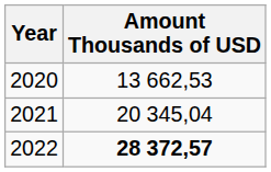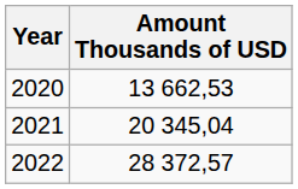 <table class="wikitable" style="text-align:center;">
 <tr>
 <th>Year</th>
 <th>Amount<br>Thousands of USD</th>
 </tr>
 <tr>
 <td>2020</td>
 <td>13 662,53</td>
 </tr>
 <tr>
 <td>2021</td>
 <td>20 345,04 </td>
 </tr>
 <tr>
 <td>2022</td>
-<td><strong>28 372,57 </strong></td>
+<td>28 372,57 </td>
 </tr>
 </table>
